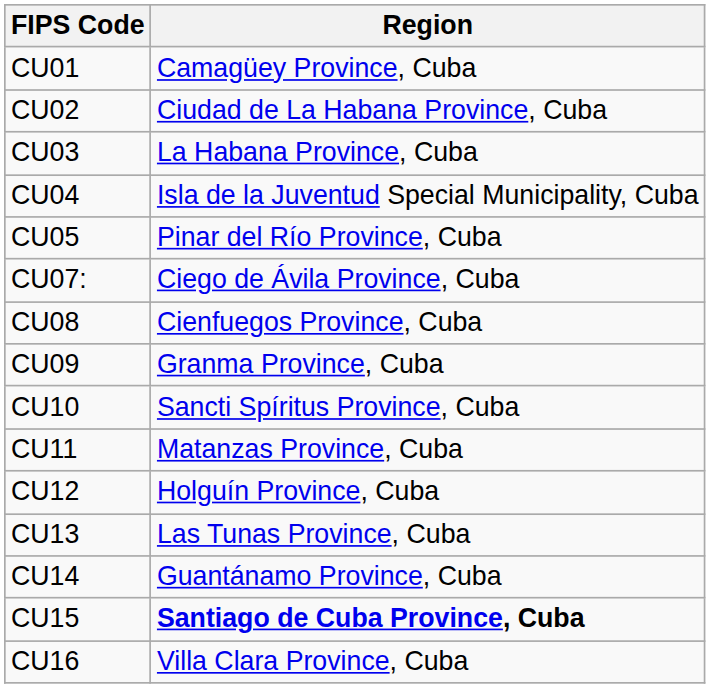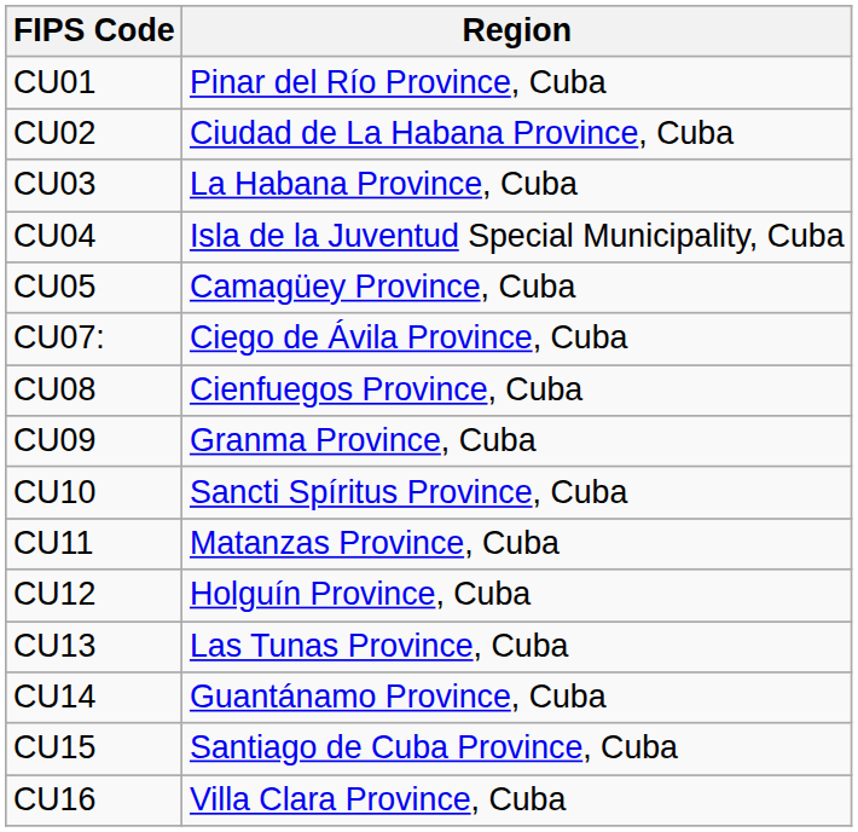 <table class="wikitable">
 <tr>
 <th>FIPS Code</th>
 <th>Region</th>
 </tr>
 <tr>
 <td>CU01</td>
-<td><a href='#'>Camagüey Province</a>, Cuba</td>
+<td><a href='#'>Pinar del Río Province</a>, Cuba</td>
 </tr>
 <tr>
 <td>CU02</td>
 <td><a href='#'>Ciudad de La Habana Province</a>, Cuba</td>
 </tr>
 <tr>
 <td>CU03</td>
 <td><a href='#'>La Habana Province</a>, Cuba</td>
 </tr>
 <tr>
 <td>CU04</td>
 <td><a href='#'>Isla de la Juventud</a> Special Municipality, Cuba</td>
 </tr>
 <tr>
 <td>CU05</td>
-<td><a href='#'>Pinar del Río Province</a>, Cuba</td>
+<td><a href='#'>Camagüey Province</a>, Cuba</td>
 </tr>
 <tr>
 <td>CU07:</td>
 <td><a href='#'>Ciego de Ávila Province</a>, Cuba</td>
 </tr>
 <tr>
 <td>CU08</td>
 <td><a href='#'>Cienfuegos Province</a>, Cuba</td>
 </tr>
 <tr>
 <td>CU09</td>
 <td><a href='#'>Granma Province</a>, Cuba</td>
 </tr>
 <tr>
 <td>CU10</td>
 <td><a href='#'>Sancti Spíritus Province</a>, Cuba</td>
 </tr>
 <tr>
 <td>CU11</td>
 <td><a href='#'>Matanzas Province</a>, Cuba</td>
 </tr>
 <tr>
 <td>CU12</td>
 <td><a href='#'>Holguín Province</a>, Cuba</td>
 </tr>
 <tr>
 <td>CU13</td>
 <td><a href='#'>Las Tunas Province</a>, Cuba</td>
 </tr>
 <tr>
 <td>CU14</td>
 <td><a href='#'>Guantánamo Province</a>, Cuba</td>
 </tr>
 <tr>
 <td>CU15</td>
-<td><strong><a href='#'>Santiago de Cuba Province</a>, Cuba</strong></td>
+<td><a href='#'>Santiago de Cuba Province</a>, Cuba</td>
 </tr>
 <tr>
 <td>CU16</td>
 <td><a href='#'>Villa Clara Province</a>, Cuba</td>
 </tr>
 </table>
